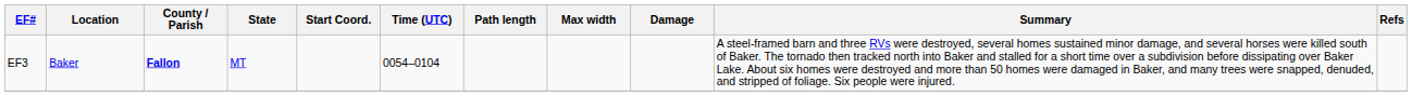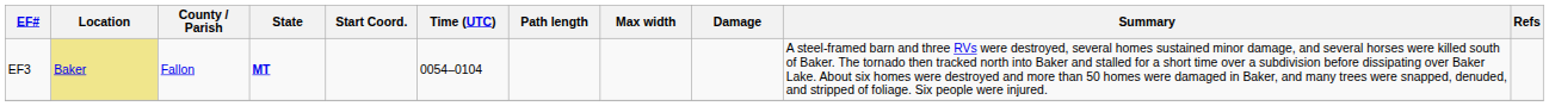 <table class="wikitable sortable" style="width:100%;">
 <tr>
 <th scope="col" width="3%" align="center"><a href='#'>EF#</a></th>
 <th scope="col" width="7%" align="center" class="unsortable">Location</th>
 <th scope="col" width="6%" align="center" class="unsortable">County / Parish</th>
 <th scope="col" width="5%" align="center">State</th>
 <th scope="col" width="6%" align="center">Start Coord.</th>
 <th scope="col" width="6%" align="center">Time (<a href='#'>UTC</a>)</th>
 <th scope="col" width="6%" align="center">Path length</th>
 <th scope="col" width="6%" align="center">Max width</th>
 <th scope="col" width="6%" align="center">Damage</th>
 <th scope="col" width="48%" class="unsortable" align="center">Summary</th>
 <th scope="col" width="48%" class="unsortable" align="center">Refs</th>
 </tr>
 <tr>
 <td>EF3</td>
-<td><a href='#'>Baker</a></td>
-<td><strong><a href='#'>Fallon</a></strong></td>
-<td><a href='#'>MT</a></td>
+<td style="background: khaki;"><a href='#'>Baker</a></td>
+<td><a href='#'>Fallon</a></td>
+<td><strong><a href='#'>MT</a></strong></td>
 <td></td>
 <td>0054–0104</td>
 <td></td>
 <td></td>
 <td></td>
 <td>A steel-framed barn and three <a href='#'>RVs</a> were destroyed, several homes sustained minor damage, and several horses were killed south of Baker. The tornado then tracked north into Baker and stalled for a short time over a subdivision before dissipating over Baker Lake. About six homes were destroyed and more than 50 homes were damaged in Baker, and many trees were snapped, denuded, and stripped of foliage. Six people were injured.</td>
 <td></td>
 </tr>
 <tr>
 </tr>
 </table>
